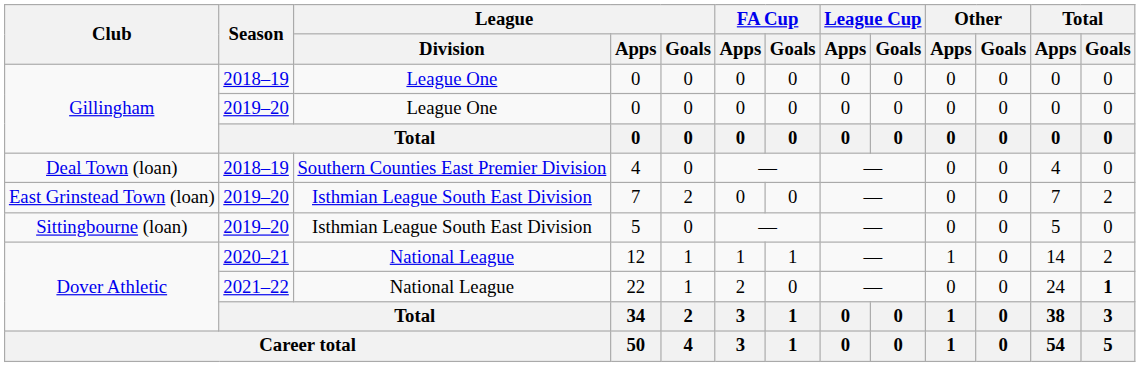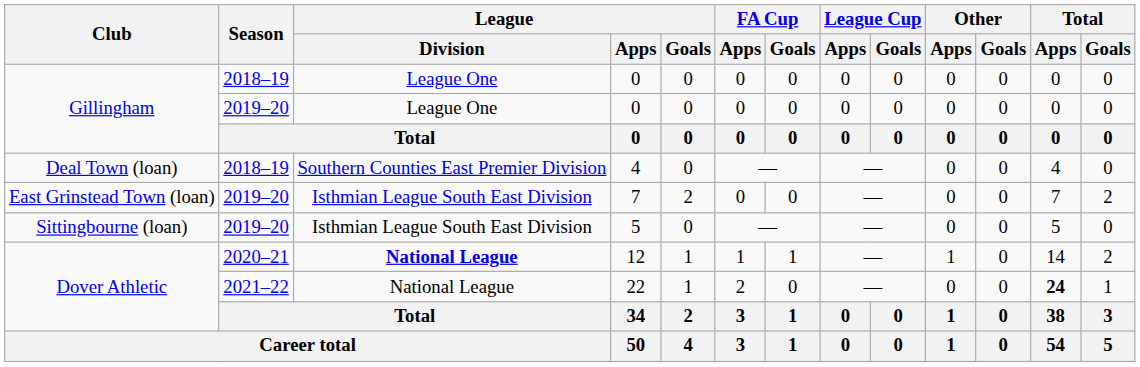 <table class="wikitable" style="text-align: center">
 <tr>
 <th rowspan="2">Club</th>
 <th rowspan="2">Season</th>
 <th colspan="3">League</th>
 <th colspan="2"><a href='#'>FA Cup</a></th>
 <th colspan="2"><a href='#'>League Cup</a></th>
 <th colspan="2">Other</th>
 <th colspan="2">Total</th>
 </tr>
 <tr>
 <th>Division</th>
 <th>Apps</th>
 <th>Goals</th>
 <th>Apps</th>
 <th>Goals</th>
 <th>Apps</th>
 <th>Goals</th>
 <th>Apps</th>
 <th>Goals</th>
 <th>Apps</th>
 <th>Goals</th>
 </tr>
 <tr>
 <td rowspan="3"><a href='#'>Gillingham</a></td>
 <td><a href='#'>2018–19</a></td>
 <td><a href='#'>League One</a></td>
 <td>0</td>
 <td>0</td>
 <td>0</td>
 <td>0</td>
 <td>0</td>
 <td>0</td>
 <td>0</td>
 <td>0</td>
 <td>0</td>
 <td>0</td>
 </tr>
 <tr>
 <td><a href='#'>2019–20</a></td>
 <td>League One</td>
 <td>0</td>
 <td>0</td>
 <td>0</td>
 <td>0</td>
 <td>0</td>
 <td>0</td>
 <td>0</td>
 <td>0</td>
 <td>0</td>
 <td>0</td>
 </tr>
 <tr>
 <th colspan="2">Total</th>
 <th>0</th>
 <th>0</th>
 <th>0</th>
 <th>0</th>
 <th>0</th>
 <th>0</th>
 <th>0</th>
 <th>0</th>
 <th>0</th>
 <th>0</th>
 </tr>
 <tr>
 <td><a href='#'>Deal Town</a> (loan)</td>
 <td><a href='#'>2018–19</a></td>
 <td><a href='#'>Southern Counties East Premier Division</a></td>
 <td>4</td>
 <td>0</td>
 <td colspan="2">—</td>
 <td colspan="2">—</td>
 <td>0</td>
 <td>0</td>
 <td>4</td>
 <td>0</td>
 </tr>
 <tr>
 <td><a href='#'>East Grinstead Town</a> (loan)</td>
 <td><a href='#'>2019–20</a></td>
 <td><a href='#'>Isthmian League South East Division</a></td>
 <td>7</td>
 <td>2</td>
 <td>0</td>
 <td>0</td>
 <td colspan="2">—</td>
 <td>0</td>
 <td>0</td>
 <td>7</td>
 <td>2</td>
 </tr>
 <tr>
 <td><a href='#'>Sittingbourne</a> (loan)</td>
 <td><a href='#'>2019–20</a></td>
 <td>Isthmian League South East Division</td>
 <td>5</td>
 <td>0</td>
 <td colspan="2">—</td>
 <td colspan="2">—</td>
 <td>0</td>
 <td>0</td>
 <td>5</td>
 <td>0</td>
 </tr>
 <tr>
 <td rowspan="3"><a href='#'>Dover Athletic</a></td>
 <td><a href='#'>2020–21</a> </td>
-<td><a href='#'>National League</a></td>
+<td><strong><a href='#'>National League</a></strong></td>
 <td>12</td>
 <td>1</td>
 <td>1</td>
 <td>1</td>
 <td colspan="2">—</td>
 <td>1</td>
 <td>0</td>
 <td>14</td>
 <td>2</td>
 </tr>
 <tr>
 <td><a href='#'>2021–22</a></td>
 <td>National League</td>
 <td>22</td>
 <td>1</td>
 <td>2</td>
 <td>0</td>
 <td colspan="2">—</td>
 <td>0</td>
 <td>0</td>
-<td>24</td>
-<td><strong>1</strong></td>
+<td><strong>24</strong></td>
+<td>1</td>
 </tr>
 <tr>
 <th colspan="2">Total</th>
 <th>34</th>
 <th>2</th>
 <th>3</th>
 <th>1</th>
 <th>0</th>
 <th>0</th>
 <th>1</th>
 <th>0</th>
 <th>38</th>
 <th>3</th>
 </tr>
 <tr>
 <th colspan="3">Career total</th>
 <th>50</th>
 <th>4</th>
 <th>3</th>
 <th>1</th>
 <th>0</th>
 <th>0</th>
 <th>1</th>
 <th>0</th>
 <th>54</th>
 <th>5</th>
 </tr>
 </table>
